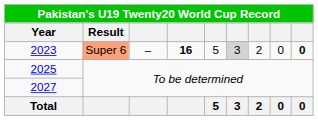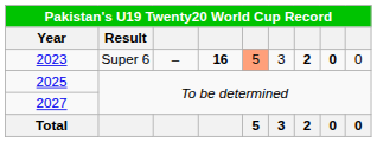 <table class="wikitable" style="font-size:90%; text-align:center">
 <tr>
 <th style="color:white; background:#00C301;" colspan=9>Pakistan's U19 Twenty20 World Cup Record</th>
 </tr>
 <tr>
 <th width="90">Year</th>
 <th>Result</th>
 <th width="40"></th>
 <th width="40"></th>
 <th width="20"></th>
 <th width="20"></th>
 <th width="20"></th>
 <th width="20"></th>
 <th width="20"></th>
 </tr>
 <tr>
 <td> <a href='#'>2023</a></td>
-<td style="background: lightsalmon;">Super 6</td>
+<td>Super 6</td>
 <td>–</td>
 <td><strong>16</strong></td>
-<td>5</td>
-<td style="background: lightgrey;">3</td>
-<td>2</td>
+<td style="background: lightsalmon;">5</td>
+<td>3</td>
+<td><strong>2</strong></td>
+<td><strong>0</strong></td>
 <td>0</td>
-<td><strong>0</strong></td>
 </tr>
 <tr>
 <td> <a href='#'>2025</a></td>
 <td colspan="8" rowspan="2"><em>To be determined</em></td>
 </tr>
 <tr>
 <td> <a href='#'>2027</a></td>
 </tr>
 <tr>
 <th>Total</th>
 <th></th>
 <th></th>
 <th></th>
 <th>5</th>
 <th>3</th>
 <th>2</th>
 <th>0</th>
 <th>0</th>
 </tr>
 </table>
